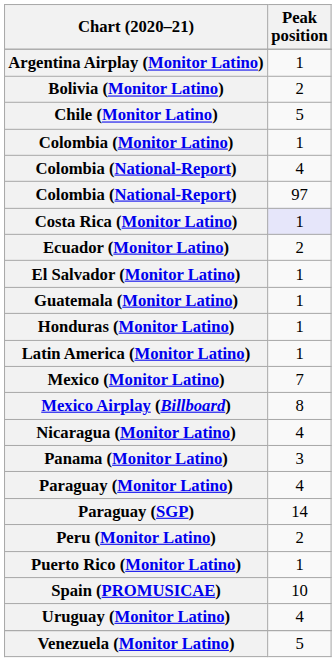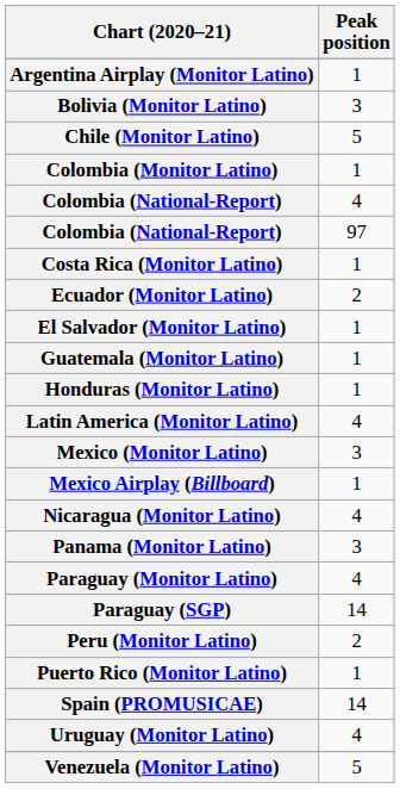 <table class="wikitable sortable plainrowheaders" style="text-align:center">
 <tr>
 <th scope="col">Chart (2020–21)</th>
 <th scope="col">Peak<br> position</th>
 </tr>
 <tr>
 </tr>
 <tr>
 <th scope="row">Argentina Airplay (<a href='#'>Monitor Latino</a>)</th>
 <td>1</td>
 </tr>
 <tr>
 <th scope="row">Bolivia (<a href='#'>Monitor Latino</a>)</th>
-<td>2</td>
+<td>3</td>
 </tr>
 <tr>
 <th scope="row">Chile (<a href='#'>Monitor Latino</a>)</th>
 <td>5</td>
 </tr>
 <tr>
 <th scope="row">Colombia (<a href='#'>Monitor Latino</a>)</th>
 <td>1</td>
 </tr>
 <tr>
 <th scope="row">Colombia (<a href='#'>National-Report</a>)</th>
 <td>4</td>
 </tr>
 <tr>
 <th scope="row">Colombia (<a href='#'>National-Report</a>)<br></th>
 <td>97</td>
 </tr>
 <tr>
 <th scope="row">Costa Rica (<a href='#'>Monitor Latino</a>)</th>
-<td style="background: lavender;">1</td>
+<td>1</td>
 </tr>
 <tr>
 <th scope="row">Ecuador (<a href='#'>Monitor Latino</a>)</th>
 <td>2</td>
 </tr>
 <tr>
 <th scope="row">El Salvador (<a href='#'>Monitor Latino</a>)</th>
 <td>1</td>
 </tr>
 <tr>
 <th scope="row">Guatemala (<a href='#'>Monitor Latino</a>)</th>
 <td>1</td>
 </tr>
 <tr>
 <th scope="row">Honduras (<a href='#'>Monitor Latino</a>)</th>
 <td>1</td>
 </tr>
 <tr>
 <th scope="row">Latin America (<a href='#'>Monitor Latino</a>)</th>
-<td>1</td>
+<td>4</td>
 </tr>
 <tr>
 <th scope="row">Mexico (<a href='#'>Monitor Latino</a>)</th>
-<td>7</td>
+<td>3</td>
 </tr>
 <tr>
 <th scope="row"><a href='#'>Mexico Airplay</a> (<em><a href='#'>Billboard</a></em>)</th>
-<td>8</td>
+<td>1</td>
 </tr>
 <tr>
 <th scope="row">Nicaragua (<a href='#'>Monitor Latino</a>)</th>
 <td>4</td>
 </tr>
 <tr>
 <th scope="row">Panama (<a href='#'>Monitor Latino</a>)</th>
 <td>3</td>
 </tr>
 <tr>
 <th scope="row">Paraguay (<a href='#'>Monitor Latino</a>)</th>
 <td>4</td>
 </tr>
 <tr>
 <th scope="row">Paraguay (<a href='#'>SGP</a>)</th>
 <td>14</td>
 </tr>
 <tr>
 <th scope="row">Peru (<a href='#'>Monitor Latino</a>)</th>
 <td>2</td>
 </tr>
 <tr>
 <th scope="row">Puerto Rico (<a href='#'>Monitor Latino</a>)</th>
 <td>1</td>
 </tr>
 <tr>
 <th scope="row">Spain (<a href='#'>PROMUSICAE</a>)</th>
-<td>10</td>
+<td>14</td>
 </tr>
 <tr>
 <th scope="row">Uruguay (<a href='#'>Monitor Latino</a>)</th>
 <td>4</td>
 </tr>
 <tr>
 </tr>
 <tr>
 </tr>
 <tr>
 </tr>
 <tr>
 </tr>
 <tr>
 <th scope="row">Venezuela (<a href='#'>Monitor Latino</a>)</th>
 <td>5</td>
 </tr>
 </table>
